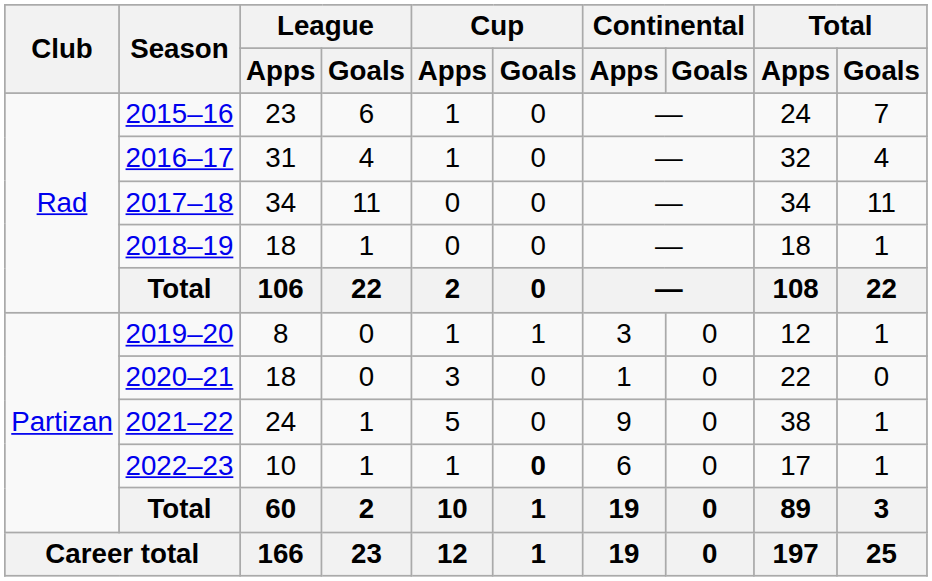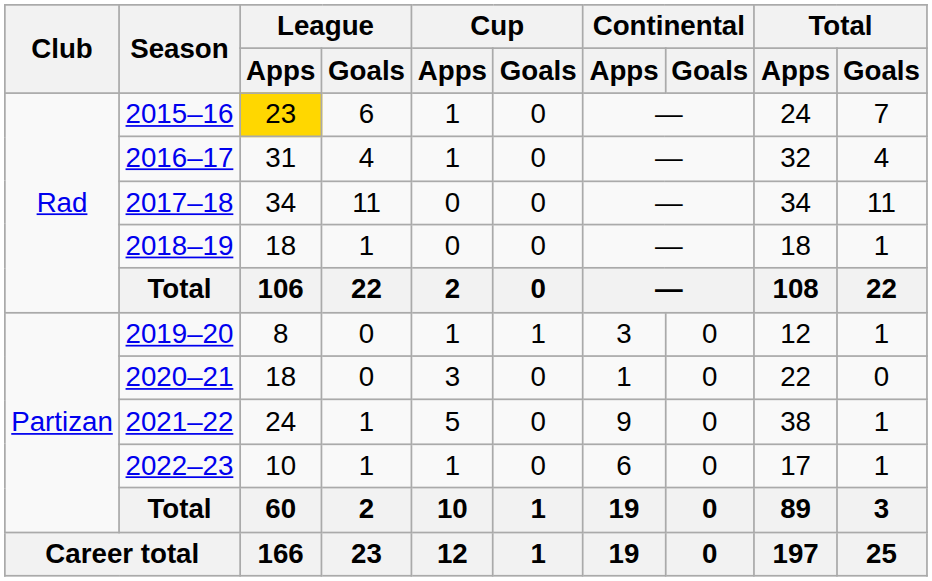 <table class="wikitable" style="text-align:center">
 <tr>
 <th rowspan="2">Club</th>
 <th rowspan="2">Season</th>
 <th colspan="2">League</th>
 <th colspan="2">Cup</th>
 <th colspan="2">Continental</th>
 <th colspan="2">Total</th>
 </tr>
 <tr>
 <th>Apps</th>
 <th>Goals</th>
 <th>Apps</th>
 <th>Goals</th>
 <th>Apps</th>
 <th>Goals</th>
 <th>Apps</th>
 <th>Goals</th>
 </tr>
 <tr>
 <td rowspan="5"><a href='#'>Rad</a></td>
 <td><a href='#'>2015–16</a></td>
-<td>23</td>
+<td style="background: gold;">23</td>
 <td>6</td>
 <td>1</td>
 <td>0</td>
 <td colspan="2">—</td>
 <td>24</td>
 <td>7</td>
 </tr>
 <tr>
 <td><a href='#'>2016–17</a></td>
 <td>31</td>
 <td>4</td>
 <td>1</td>
 <td>0</td>
 <td colspan="2">—</td>
 <td>32</td>
 <td>4</td>
 </tr>
 <tr>
 <td><a href='#'>2017–18</a></td>
 <td>34</td>
 <td>11</td>
 <td>0</td>
 <td>0</td>
 <td colspan="2">—</td>
 <td>34</td>
 <td>11</td>
 </tr>
 <tr>
 <td><a href='#'>2018–19</a></td>
 <td>18</td>
 <td>1</td>
 <td>0</td>
 <td>0</td>
 <td colspan="2">—</td>
 <td>18</td>
 <td>1</td>
 </tr>
 <tr>
 <th>Total</th>
 <th>106</th>
 <th>22</th>
 <th>2</th>
 <th>0</th>
 <th colspan="2">—</th>
 <th>108</th>
 <th>22</th>
 </tr>
 <tr>
 <td rowspan="5"><a href='#'>Partizan</a></td>
 <td><a href='#'>2019–20</a></td>
 <td>8</td>
 <td>0</td>
 <td>1</td>
 <td>1</td>
 <td>3</td>
 <td>0</td>
 <td>12</td>
 <td>1</td>
 </tr>
 <tr>
 <td><a href='#'>2020–21</a></td>
 <td>18</td>
 <td>0</td>
 <td>3</td>
 <td>0</td>
 <td>1</td>
 <td>0</td>
 <td>22</td>
 <td>0</td>
 </tr>
 <tr>
 <td><a href='#'>2021–22</a></td>
 <td>24</td>
 <td>1</td>
 <td>5</td>
 <td>0</td>
 <td>9</td>
 <td>0</td>
 <td>38</td>
 <td>1</td>
 </tr>
 <tr>
 <td><a href='#'>2022–23</a></td>
 <td>10</td>
 <td>1</td>
 <td>1</td>
-<td><strong>0</strong></td>
+<td>0</td>
 <td>6</td>
 <td>0</td>
 <td>17</td>
 <td>1</td>
 </tr>
 <tr>
 <th>Total</th>
 <th>60</th>
 <th>2</th>
 <th>10</th>
 <th>1</th>
 <th>19</th>
 <th>0</th>
 <th>89</th>
 <th>3</th>
 </tr>
 <tr>
 <th colspan="2">Career total</th>
 <th>166</th>
 <th>23</th>
 <th>12</th>
 <th>1</th>
 <th>19</th>
 <th>0</th>
 <th>197</th>
 <th>25</th>
 </tr>
 </table>
